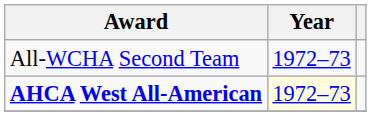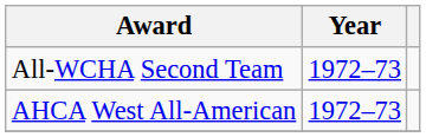 <table class="wikitable">
 <tr>
 <th>Award</th>
 <th>Year</th>
 <th></th>
 </tr>
 <tr>
 <td>All-<a href='#'>WCHA</a> <a href='#'>Second Team</a></td>
 <td><a href='#'>1972–73</a></td>
 <td></td>
 </tr>
 <tr>
-<td><strong><a href='#'>AHCA</a> <a href='#'>West All-American</a></strong></td>
-<td style="background: lightyellow;"><a href='#'>1972–73</a></td>
+<td><a href='#'>AHCA</a> <a href='#'>West All-American</a></td>
+<td><a href='#'>1972–73</a></td>
 <td></td>
 </tr>
 <tr>
 </tr>
 </table>
